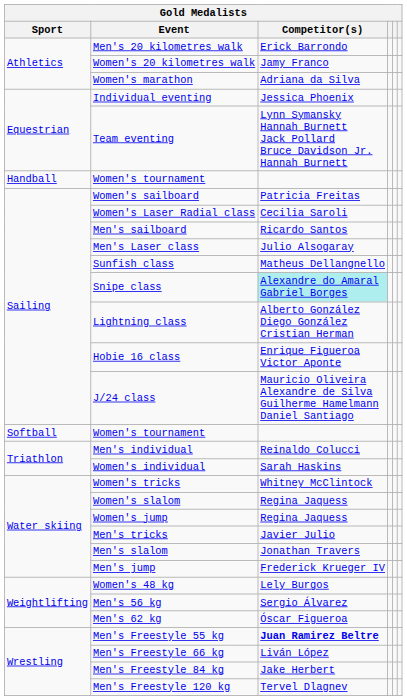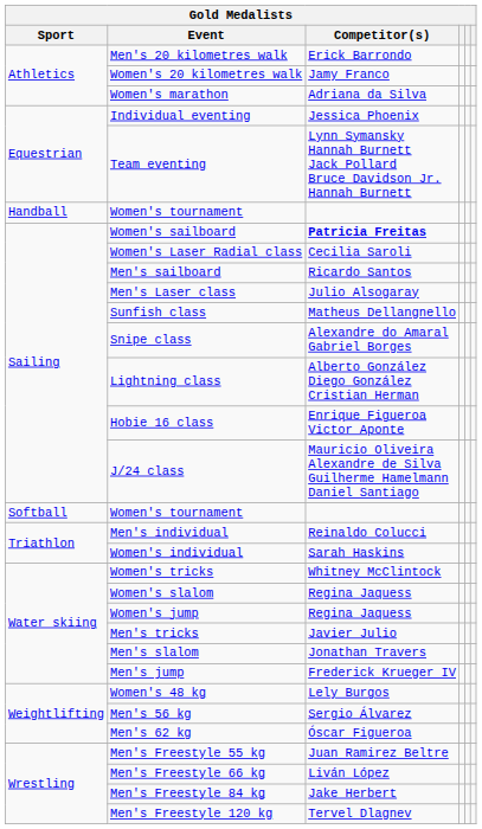 <table class="wikitable">
 <tr>
 <th colspan="14">Gold Medalists</th>
 </tr>
 <tr>
 <th>Sport</th>
 <th>Event</th>
 <th>Competitor(s)</th>
 <th></th>
 <th></th>
 <th></th>
 </tr>
 <tr>
 <td rowspan="3"><a href='#'>Athletics</a></td>
 <td><a href='#'>Men's 20 kilometres walk</a></td>
 <td><a href='#'>Erick Barrondo</a></td>
 <td></td>
 <td></td>
 <td></td>
 </tr>
 <tr>
 <td><a href='#'>Women's 20 kilometres walk</a></td>
 <td><a href='#'>Jamy Franco</a></td>
 <td></td>
 <td></td>
 <td></td>
 </tr>
 <tr>
 <td><a href='#'>Women's marathon</a></td>
 <td><a href='#'>Adriana da Silva</a></td>
 <td></td>
 <td></td>
 <td></td>
 </tr>
 <tr>
 <td rowspan="2"><a href='#'>Equestrian</a></td>
 <td><a href='#'>Individual eventing</a></td>
 <td><a href='#'>Jessica Phoenix</a></td>
 <td></td>
 <td></td>
 <td></td>
 </tr>
 <tr>
 <td><a href='#'>Team eventing</a></td>
 <td><a href='#'>Lynn Symansky</a><br><a href='#'>Hannah Burnett</a><br><a href='#'>Jack Pollard</a><br><a href='#'>Bruce Davidson Jr.</a><br><a href='#'>Hannah Burnett</a></td>
 <td></td>
 <td></td>
 <td></td>
 </tr>
 <tr>
 <td><a href='#'>Handball</a></td>
 <td><a href='#'>Women's tournament</a></td>
 <td></td>
 <td></td>
 <td></td>
 <td></td>
 </tr>
 <tr>
 <td rowspan="9"><a href='#'>Sailing</a></td>
 <td><a href='#'>Women's sailboard</a></td>
-<td><a href='#'>Patricia Freitas</a></td>
+<td><strong><a href='#'>Patricia Freitas</a></strong></td>
 <td></td>
 <td></td>
 <td></td>
 </tr>
 <tr>
 <td><a href='#'>Women's Laser Radial class</a></td>
 <td><a href='#'>Cecilia Saroli</a></td>
 <td></td>
 <td></td>
 <td></td>
 </tr>
 <tr>
 <td><a href='#'>Men's sailboard</a></td>
 <td><a href='#'>Ricardo Santos</a></td>
 <td></td>
 <td></td>
 <td></td>
 </tr>
 <tr>
 <td><a href='#'>Men's Laser class</a></td>
 <td><a href='#'>Julio Alsogaray</a></td>
 <td></td>
 <td></td>
 <td></td>
 </tr>
 <tr>
 <td><a href='#'>Sunfish class</a></td>
 <td><a href='#'>Matheus Dellangnello</a></td>
 <td></td>
 <td></td>
 <td></td>
 </tr>
 <tr>
 <td><a href='#'>Snipe class</a></td>
-<td style="background: paleturquoise;"><a href='#'>Alexandre do Amaral</a><br><a href='#'>Gabriel Borges</a></td>
+<td><a href='#'>Alexandre do Amaral</a><br><a href='#'>Gabriel Borges</a></td>
 <td></td>
 <td></td>
 <td></td>
 </tr>
 <tr>
 <td><a href='#'>Lightning class</a></td>
 <td><a href='#'>Alberto González</a><br><a href='#'>Diego González</a><br><a href='#'>Cristian Herman</a></td>
 <td></td>
 <td></td>
 <td></td>
 </tr>
 <tr>
 <td><a href='#'>Hobie 16 class</a></td>
 <td><a href='#'>Enrique Figueroa</a><br><a href='#'>Victor Aponte</a></td>
 <td></td>
 <td></td>
 <td></td>
 </tr>
 <tr>
 <td><a href='#'>J/24 class</a></td>
 <td><a href='#'>Mauricio Oliveira</a><br><a href='#'>Alexandre de Silva</a><br><a href='#'>Guilherme Hamelmann</a><br><a href='#'>Daniel Santiago</a></td>
 <td></td>
 <td></td>
 <td></td>
 </tr>
 <tr>
 <td><a href='#'>Softball</a></td>
 <td><a href='#'>Women's tournament</a></td>
 <td></td>
 <td></td>
 <td></td>
 <td></td>
 </tr>
 <tr>
 <td rowspan="2"><a href='#'>Triathlon</a></td>
 <td><a href='#'>Men's individual</a></td>
 <td><a href='#'>Reinaldo Colucci</a></td>
 <td></td>
 <td></td>
 <td></td>
 </tr>
 <tr>
 <td><a href='#'>Women's individual</a></td>
 <td><a href='#'>Sarah Haskins</a></td>
 <td></td>
 <td></td>
 <td></td>
 </tr>
 <tr>
 <td rowspan="6"><a href='#'>Water skiing</a></td>
 <td><a href='#'>Women's tricks</a></td>
 <td><a href='#'>Whitney McClintock</a></td>
 <td></td>
 <td></td>
 <td></td>
 </tr>
 <tr>
 <td><a href='#'>Women's slalom</a></td>
 <td><a href='#'>Regina Jaquess</a></td>
 <td></td>
 <td></td>
 <td></td>
 </tr>
 <tr>
 <td><a href='#'>Women's jump</a></td>
 <td><a href='#'>Regina Jaquess</a></td>
 <td></td>
 <td></td>
 <td></td>
 </tr>
 <tr>
 <td><a href='#'>Men's tricks</a></td>
 <td><a href='#'>Javier Julio</a></td>
 <td></td>
 <td></td>
 <td></td>
 </tr>
 <tr>
 <td><a href='#'>Men's slalom</a></td>
 <td><a href='#'>Jonathan Travers</a></td>
 <td></td>
 <td></td>
 <td></td>
 </tr>
 <tr>
 <td><a href='#'>Men's jump</a></td>
 <td><a href='#'>Frederick Krueger IV</a></td>
 <td></td>
 <td></td>
 <td></td>
 </tr>
 <tr>
 <td rowspan="3"><a href='#'>Weightlifting</a></td>
 <td><a href='#'>Women's 48 kg</a></td>
 <td><a href='#'>Lely Burgos</a></td>
 <td></td>
 <td></td>
 <td></td>
 </tr>
 <tr>
 <td><a href='#'>Men's 56 kg</a></td>
 <td><a href='#'>Sergio Álvarez</a></td>
 <td></td>
 <td></td>
 <td></td>
 </tr>
 <tr>
 <td><a href='#'>Men's 62 kg</a></td>
 <td><a href='#'>Óscar Figueroa</a></td>
 <td></td>
 <td></td>
 <td></td>
 </tr>
 <tr>
 <td rowspan="4"><a href='#'>Wrestling</a></td>
 <td><a href='#'>Men's Freestyle 55 kg</a></td>
-<td><strong><a href='#'>Juan Ramirez Beltre</a></strong></td>
+<td><a href='#'>Juan Ramirez Beltre</a></td>
 <td></td>
 <td></td>
 <td></td>
 </tr>
 <tr>
 <td><a href='#'>Men's Freestyle 66 kg</a></td>
 <td><a href='#'>Liván López</a></td>
 <td></td>
 <td></td>
 <td></td>
 </tr>
 <tr>
 <td><a href='#'>Men's Freestyle 84 kg</a></td>
 <td><a href='#'>Jake Herbert</a></td>
 <td></td>
 <td></td>
 <td></td>
 </tr>
 <tr>
 <td><a href='#'>Men's Freestyle 120 kg</a></td>
 <td><a href='#'>Tervel Dlagnev</a></td>
 <td></td>
 <td></td>
 <td></td>
 </tr>
 </table>
